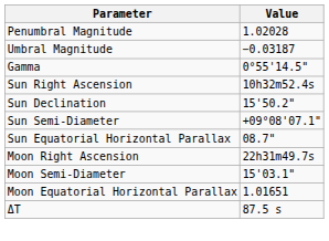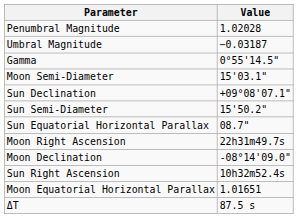 <table class="wikitable">
 <tr>
 <th>Parameter</th>
 <th>Value</th>
 </tr>
 <tr>
 <td>Penumbral Magnitude</td>
 <td>1.02028</td>
 </tr>
 <tr>
 <td>Umbral Magnitude</td>
 <td>−0.03187</td>
 </tr>
 <tr>
 <td>Gamma</td>
 <td>0°55'14.5"</td>
 </tr>
 <tr>
-<td>Sun Right Ascension</td>
-<td>10h32m52.4s</td>
+<td>Moon Semi-Diameter</td>
+<td>15'03.1"</td>
 </tr>
 <tr>
 <td>Sun Declination</td>
-<td>15'50.2"</td>
+<td>+09°08'07.1"</td>
 </tr>
 <tr>
 <td>Sun Semi-Diameter</td>
-<td>+09°08'07.1"</td>
+<td>15'50.2"</td>
 </tr>
 <tr>
 <td>Sun Equatorial Horizontal Parallax</td>
 <td>08.7"</td>
 </tr>
 <tr>
 <td>Moon Right Ascension</td>
 <td>22h31m49.7s</td>
 </tr>
 <tr>
-<td>Moon Semi-Diameter</td>
-<td>15'03.1"</td>
+<td>Moon Declination</td>
+<td>-08°14'09.0"</td>
+</tr>
+<tr>
+<td>Sun Right Ascension</td>
+<td>10h32m52.4s</td>
 </tr>
 <tr>
 <td>Moon Equatorial Horizontal Parallax</td>
 <td>1.01651</td>
 </tr>
 <tr>
 <td>ΔT</td>
 <td>87.5 s</td>
 </tr>
 </table>
